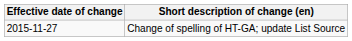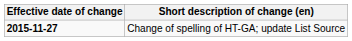 <table class="wikitable">
 <tr>
 <th>Effective date of change</th>
 <th>Short description of change (en)</th>
 </tr>
 <tr>
-<td>2015-11-27</td>
+<td><strong>2015-11-27</strong></td>
 <td>Change of spelling of HT-GA; update List Source</td>
 </tr>
 </table>
